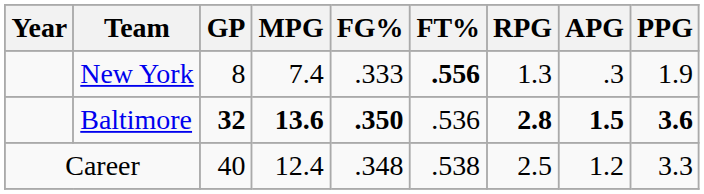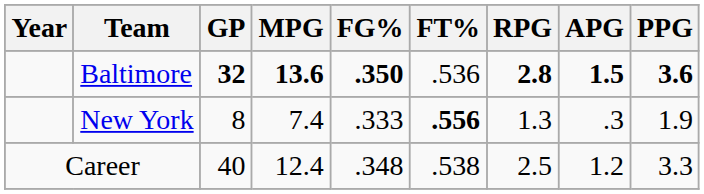 <table class="wikitable sortable" style="font-size:95%; text-align:right;">
 <tr>
 <th>Year</th>
 <th>Team</th>
 <th>GP</th>
 <th>MPG</th>
 <th>FG%</th>
 <th>FT%</th>
 <th>RPG</th>
 <th>APG</th>
 <th>PPG</th>
 </tr>
 <tr>
 <td style="text-align:left;"></td>
+<td style="text-align:left;"><a href='#'>Baltimore</a></td>
+<td><strong>32</strong></td>
+<td><strong>13.6</strong></td>
+<td><strong>.350</strong></td>
+<td>.536</td>
+<td><strong>2.8</strong></td>
+<td><strong>1.5</strong></td>
+<td><strong>3.6</strong></td>
+</tr>
+<tr>
+<td style="text-align:left;"></td>
 <td style="text-align:left;"><a href='#'>New York</a></td>
 <td>8</td>
 <td>7.4</td>
 <td>.333</td>
 <td><strong>.556</strong></td>
 <td>1.3</td>
 <td>.3</td>
 <td>1.9</td>
-</tr>
-<tr>
-<td style="text-align:left;"></td>
-<td style="text-align:left;"><a href='#'>Baltimore</a></td>
-<td><strong>32</strong></td>
-<td><strong>13.6</strong></td>
-<td><strong>.350</strong></td>
-<td>.536</td>
-<td><strong>2.8</strong></td>
-<td><strong>1.5</strong></td>
-<td><strong>3.6</strong></td>
 </tr>
 <tr>
 <td colspan="2" style="text-align:center;">Career</td>
 <td>40</td>
 <td>12.4</td>
 <td>.348</td>
 <td>.538</td>
 <td>2.5</td>
 <td>1.2</td>
 <td>3.3</td>
 </tr>
 </table>
